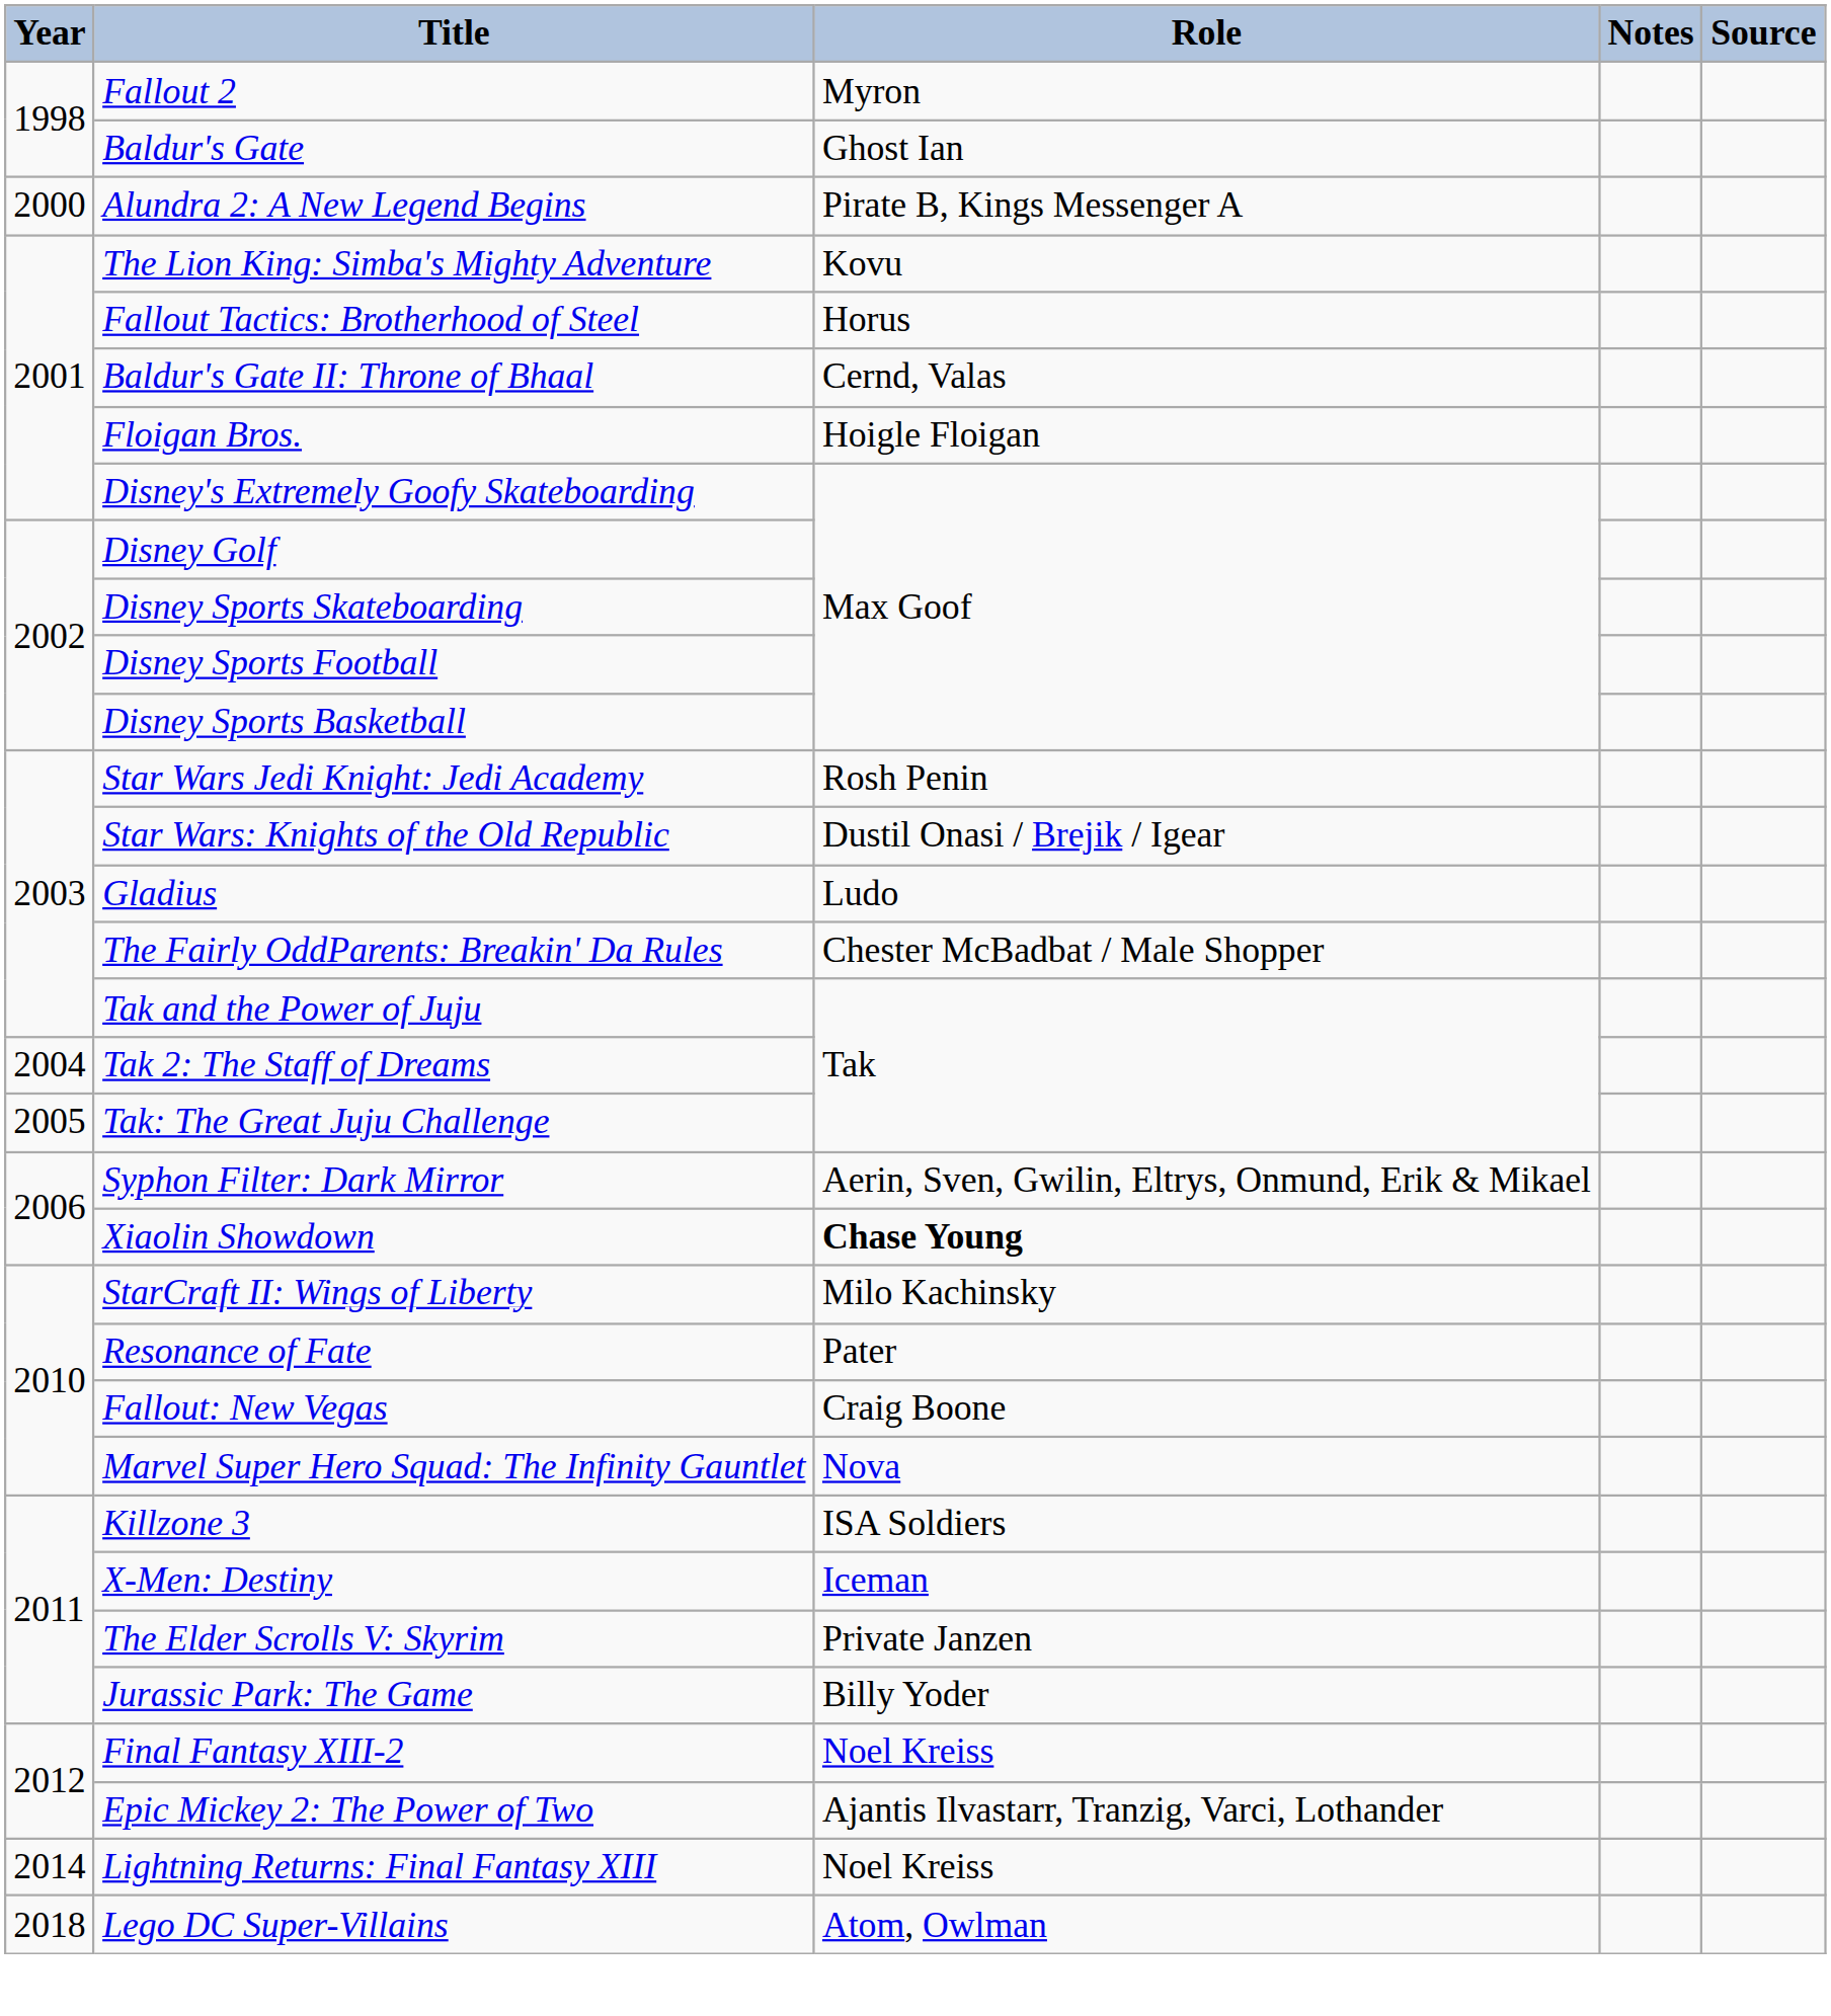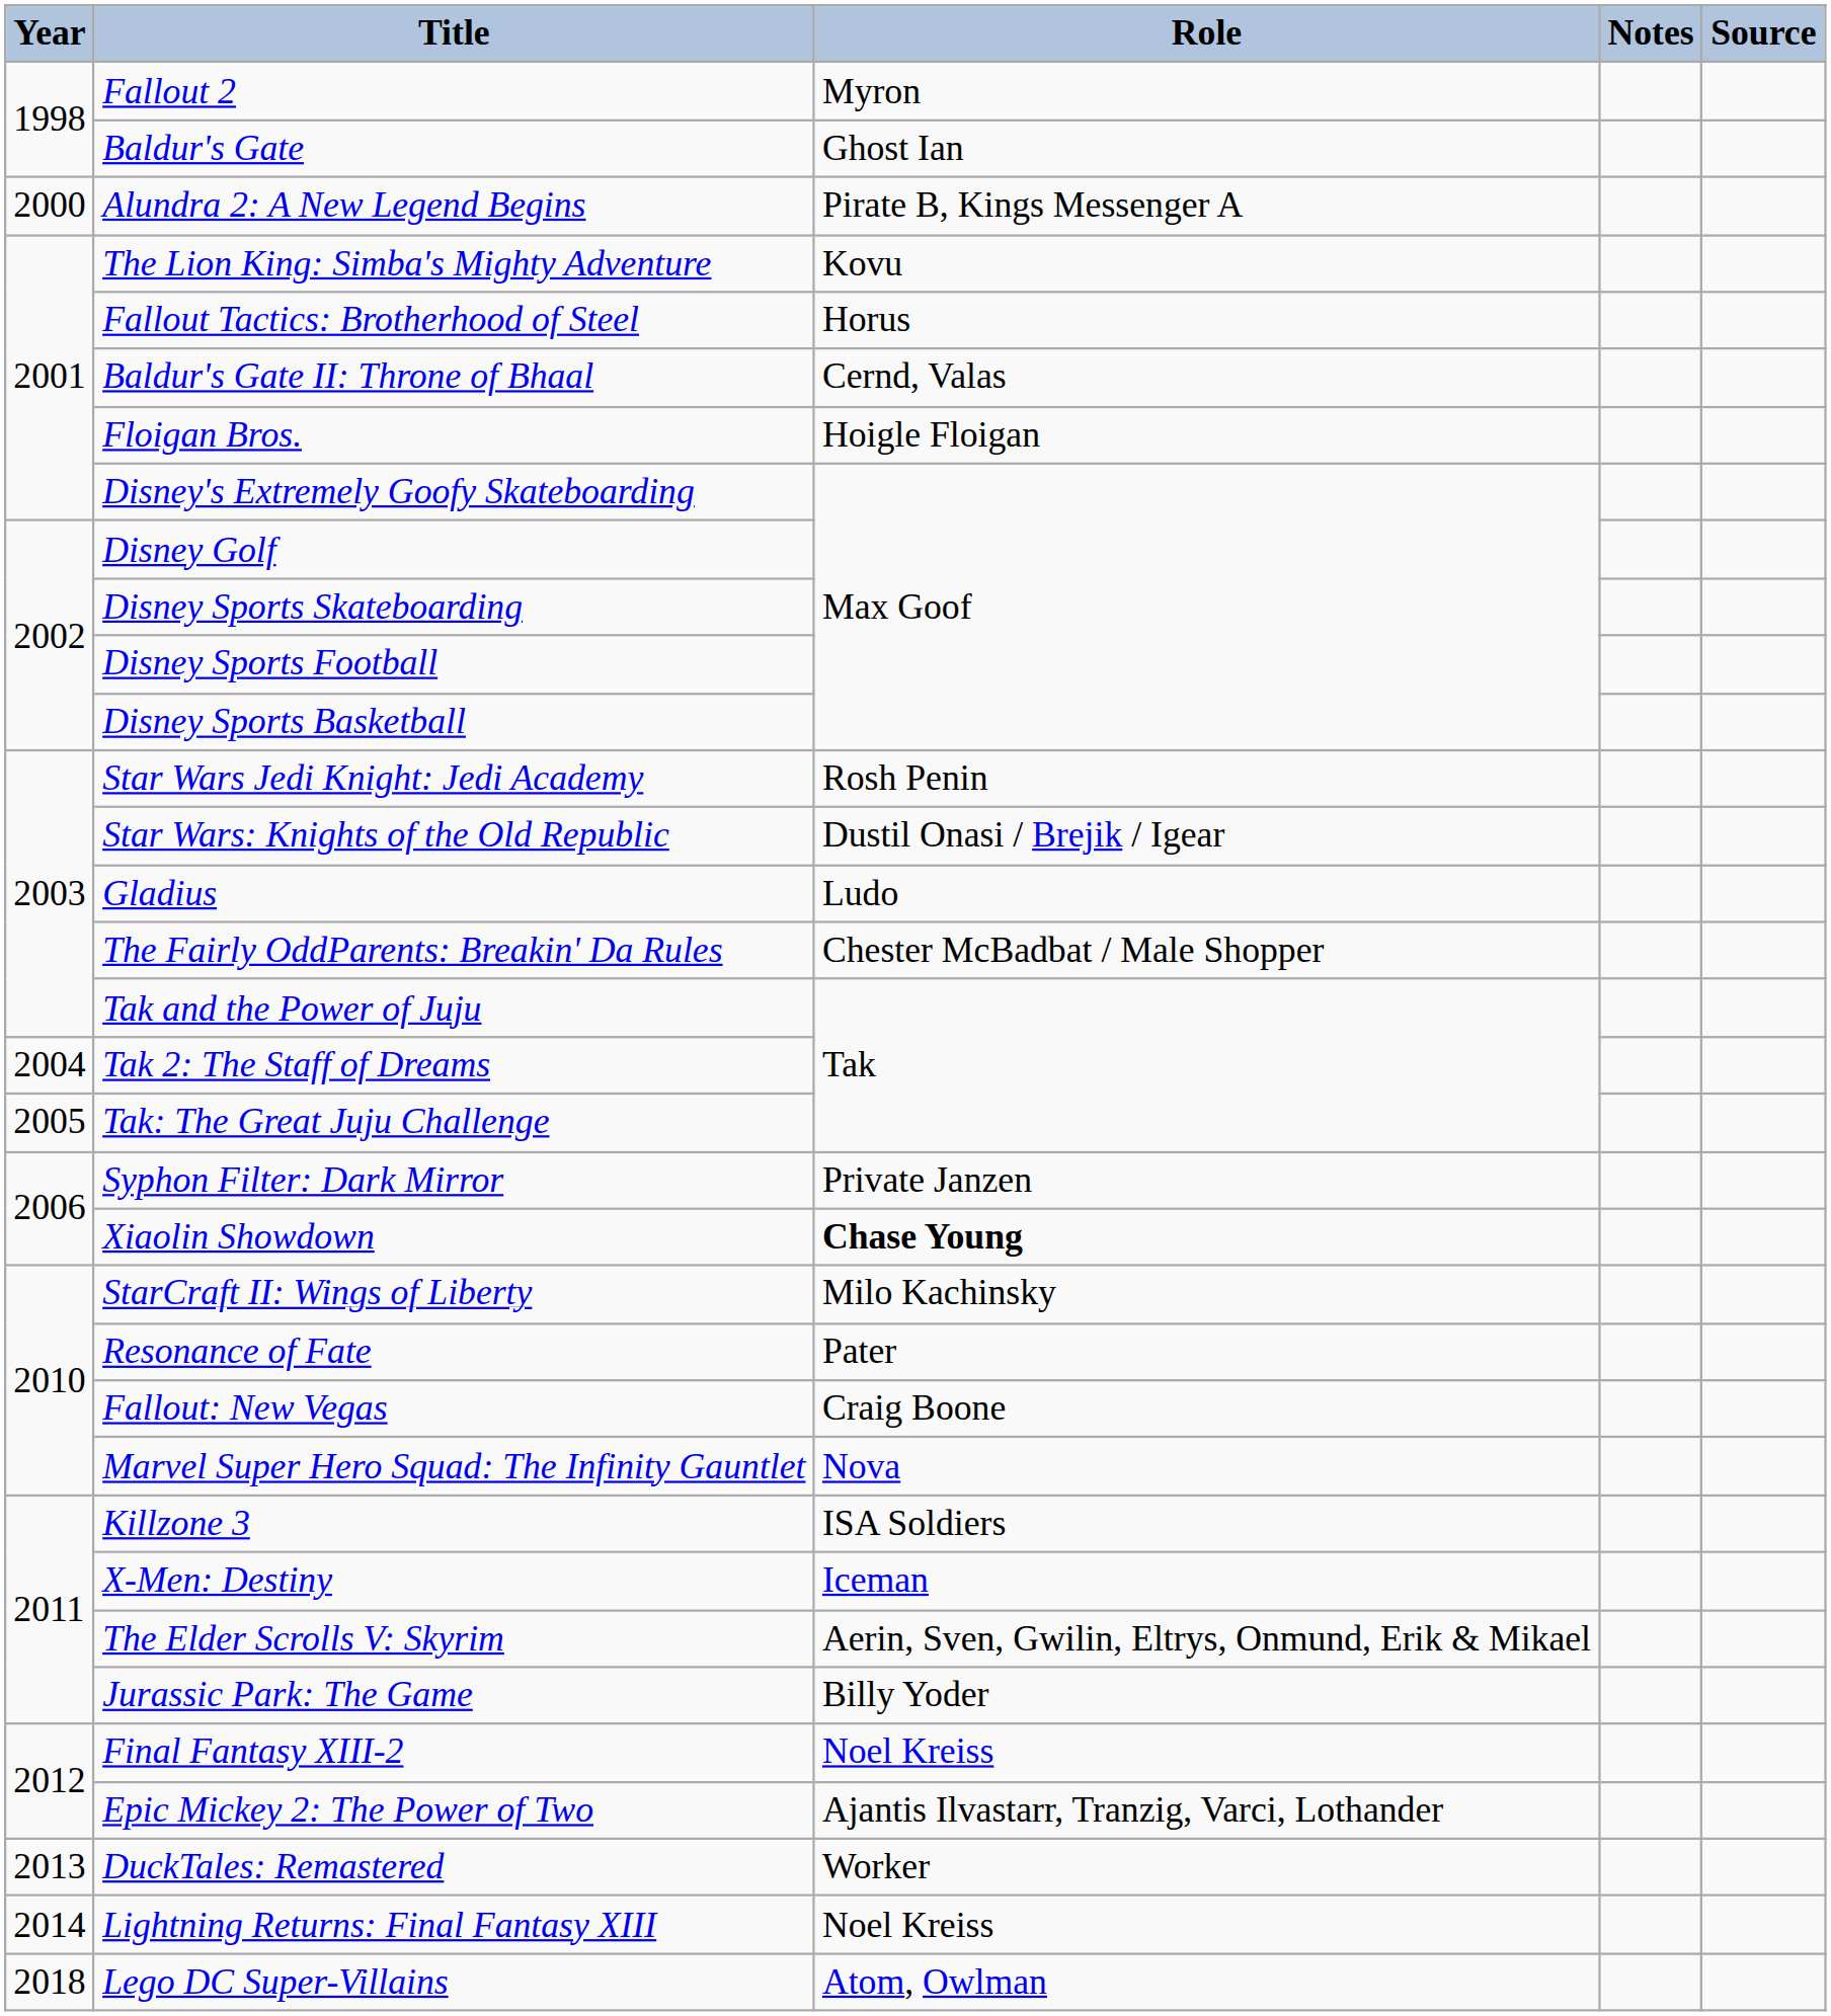 <table class="wikitable sortable plainrowheaders">
 <tr>
 <th style="background:#b0c4de;">Year </th>
 <th style="background:#b0c4de;">Title</th>
 <th style="background:#b0c4de;">Role </th>
 <th style="background:#b0c4de;" class="unsortable">Notes </th>
 <th style="background:#b0c4de;" class="unsortable">Source</th>
 </tr>
 <tr>
 <td rowspan=2>1998</td>
 <td><em><a href='#'>Fallout 2</a></em></td>
 <td>Myron</td>
 <td></td>
 <td></td>
 </tr>
 <tr>
 <td><em><a href='#'>Baldur's Gate</a></em></td>
 <td>Ghost Ian</td>
 <td></td>
 <td></td>
 </tr>
 <tr>
 <td>2000</td>
 <td><em><a href='#'>Alundra 2: A New Legend Begins</a></em></td>
 <td>Pirate B, Kings Messenger A</td>
 <td></td>
 <td></td>
 </tr>
 <tr>
 <td rowspan="5">2001</td>
 <td><em><a href='#'>The Lion King: Simba's Mighty Adventure</a></em></td>
 <td>Kovu</td>
 <td></td>
 <td></td>
 </tr>
 <tr>
 <td><em><a href='#'>Fallout Tactics: Brotherhood of Steel</a></em></td>
 <td>Horus</td>
 <td></td>
 <td></td>
 </tr>
 <tr>
 <td><em><a href='#'>Baldur's Gate II: Throne of Bhaal</a></em></td>
 <td>Cernd, Valas</td>
 <td></td>
 <td></td>
 </tr>
 <tr>
 <td><em><a href='#'>Floigan Bros.</a></em></td>
 <td>Hoigle Floigan</td>
 <td></td>
 <td></td>
 </tr>
 <tr>
 <td><em><a href='#'>Disney's Extremely Goofy Skateboarding</a></em></td>
 <td rowspan="5">Max Goof</td>
 <td></td>
 <td></td>
 </tr>
 <tr>
 <td rowspan=4>2002</td>
 <td><em><a href='#'>Disney Golf</a></em></td>
 <td></td>
 <td></td>
 </tr>
 <tr>
 <td><em><a href='#'>Disney Sports Skateboarding</a></em></td>
 <td></td>
 <td></td>
 </tr>
 <tr>
 <td><em><a href='#'>Disney Sports Football</a></em></td>
 <td></td>
 <td></td>
 </tr>
 <tr>
 <td><em><a href='#'>Disney Sports Basketball</a></em></td>
 <td></td>
 <td></td>
 </tr>
 <tr>
 <td rowspan=5>2003</td>
 <td><em><a href='#'>Star Wars Jedi Knight: Jedi Academy</a></em></td>
 <td>Rosh Penin</td>
 <td></td>
 <td></td>
 </tr>
 <tr>
 <td><em><a href='#'>Star Wars: Knights of the Old Republic</a></em></td>
 <td>Dustil Onasi / <a href='#'>Brejik</a> / Igear</td>
 <td></td>
 <td></td>
 </tr>
 <tr>
 <td><em><a href='#'>Gladius</a></em></td>
 <td>Ludo</td>
 <td></td>
 <td></td>
 </tr>
 <tr>
 <td><em><a href='#'>The Fairly OddParents: Breakin' Da Rules</a></em></td>
 <td>Chester McBadbat / Male Shopper</td>
 <td></td>
 <td></td>
 </tr>
 <tr>
 <td><em><a href='#'>Tak and the Power of Juju</a></em></td>
 <td rowspan=3>Tak</td>
 <td></td>
 <td></td>
 </tr>
 <tr>
 <td>2004</td>
 <td><em><a href='#'>Tak 2: The Staff of Dreams</a></em></td>
 <td></td>
 <td></td>
 </tr>
 <tr>
 <td>2005</td>
 <td><em><a href='#'>Tak: The Great Juju Challenge</a></em></td>
 <td></td>
 <td></td>
 </tr>
 <tr>
 <td rowspan=2>2006</td>
 <td><em><a href='#'>Syphon Filter: Dark Mirror</a></em></td>
-<td>Aerin, Sven, Gwilin, Eltrys, Onmund, Erik & Mikael</td>
+<td>Private Janzen</td>
 <td></td>
 <td></td>
 </tr>
 <tr>
 <td><em><a href='#'>Xiaolin Showdown</a></em></td>
 <td><strong>Chase Young</strong></td>
 <td></td>
 <td></td>
 </tr>
 <tr>
 <td rowspan="4">2010</td>
 <td><em><a href='#'>StarCraft II: Wings of Liberty</a></em></td>
 <td>Milo Kachinsky</td>
 <td></td>
 <td></td>
 </tr>
 <tr>
 <td><em><a href='#'>Resonance of Fate</a></em></td>
 <td>Pater</td>
 <td></td>
 <td></td>
 </tr>
 <tr>
 <td><em><a href='#'>Fallout: New Vegas</a></em></td>
 <td>Craig Boone</td>
 <td></td>
 <td></td>
 </tr>
 <tr>
 <td><em><a href='#'>Marvel Super Hero Squad: The Infinity Gauntlet</a></em></td>
 <td><a href='#'>Nova</a></td>
 <td></td>
 <td></td>
 </tr>
 <tr>
 <td rowspan=4>2011</td>
 <td><em><a href='#'>Killzone 3</a></em></td>
 <td>ISA Soldiers</td>
 <td></td>
 <td></td>
 </tr>
 <tr>
 <td><em><a href='#'>X-Men: Destiny</a></em></td>
 <td><a href='#'>Iceman</a></td>
 <td></td>
 <td></td>
 </tr>
 <tr>
 <td><em><a href='#'>The Elder Scrolls V: Skyrim</a></em></td>
-<td>Private Janzen</td>
+<td>Aerin, Sven, Gwilin, Eltrys, Onmund, Erik & Mikael</td>
 <td></td>
 <td></td>
 </tr>
 <tr>
 <td><em><a href='#'>Jurassic Park: The Game</a></em></td>
 <td>Billy Yoder</td>
 <td></td>
 <td></td>
 </tr>
 <tr>
 <td rowspan=2>2012</td>
 <td><em><a href='#'>Final Fantasy XIII-2</a></em></td>
 <td><a href='#'>Noel Kreiss</a></td>
 <td></td>
 <td></td>
 </tr>
 <tr>
 <td><em><a href='#'>Epic Mickey 2: The Power of Two</a></em></td>
 <td>Ajantis Ilvastarr, Tranzig, Varci, Lothander</td>
 <td></td>
 <td></td>
 </tr>
 <tr>
+<td>2013</td>
+<td><em><a href='#'>DuckTales: Remastered</a></em></td>
+<td>Worker</td>
+<td></td>
+<td></td>
+</tr>
+<tr>
 <td>2014</td>
 <td><em><a href='#'>Lightning Returns: Final Fantasy XIII</a></em></td>
 <td>Noel Kreiss</td>
 <td></td>
 <td></td>
 </tr>
 <tr>
 <td>2018</td>
 <td><em><a href='#'>Lego DC Super-Villains</a></em></td>
 <td><a href='#'>Atom</a>, <a href='#'>Owlman</a></td>
 <td></td>
 <td></td>
 </tr>
 </table>
